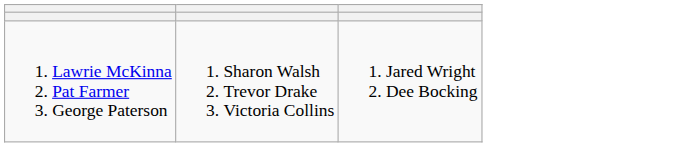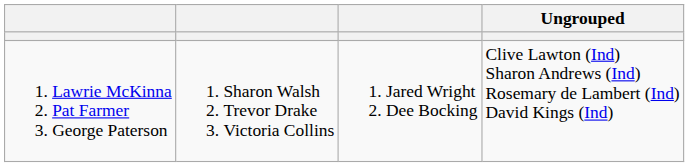 <table class=wikitable>
 <tr>
 <th></th>
 <th></th>
 <th></th>
+<th>Ungrouped</th>
 </tr>
 <tr style=background:#ccc>
+<th></th>
 <th></th>
 <th></th>
 <th></th>
 </tr>
 <tr>
 <td valign=top><br><ol><li><a href='#'>Lawrie McKinna</a></li><li><a href='#'>Pat Farmer</a></li><li>George Paterson</li></ol></td>
 <td valign=top><br><ol><li>Sharon Walsh</li><li>Trevor Drake</li><li>Victoria Collins</li></ol></td>
 <td valign=top><br><ol><li>Jared Wright</li><li>Dee Bocking</li></ol></td>
+<td valign=top>Clive Lawton (<a href='#'>Ind</a>) <br> Sharon Andrews (<a href='#'>Ind</a>) <br> Rosemary de Lambert (<a href='#'>Ind</a>) <br> David Kings (<a href='#'>Ind</a>)</td>
 </tr>
 </table>
